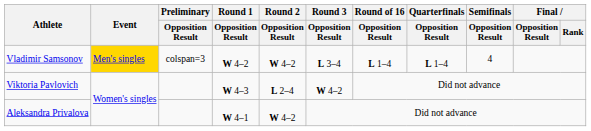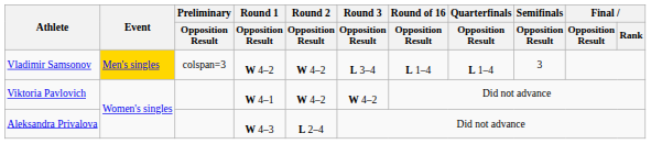 <table class="wikitable" style="font-size:90%;">
 <tr>
 <th rowspan=2>Athlete</th>
 <th rowspan=2>Event</th>
 <th>Preliminary</th>
 <th>Round 1</th>
 <th>Round 2</th>
 <th>Round 3</th>
 <th>Round of 16</th>
 <th>Quarterfinals</th>
 <th>Semifinals</th>
 <th colspan=2>Final / </th>
 </tr>
 <tr style="font-size:95%">
 <th>Opposition<br>Result</th>
 <th>Opposition<br>Result</th>
 <th>Opposition<br>Result</th>
 <th>Opposition<br>Result</th>
 <th>Opposition<br>Result</th>
 <th>Opposition<br>Result</th>
 <th>Opposition<br>Result</th>
 <th>Opposition<br>Result</th>
 <th>Rank</th>
 </tr>
 <tr align=center>
 <td align=left><a href='#'>Vladimir Samsonov</a></td>
 <td align=left style="background: gold;"><a href='#'>Men's singles</a></td>
 <td>colspan=3 </td>
 <td><br><strong>W</strong> 4–2</td>
 <td><br><strong>W</strong> 4–2</td>
 <td><br><strong>L</strong> 3–4</td>
 <td><br><strong>L</strong> 1–4</td>
 <td><br><strong>L</strong> 1–4</td>
-<td>4</td>
+<td>3</td>
 </tr>
 <tr align=center>
 <td align=left><a href='#'>Viktoria Pavlovich</a></td>
 <td align=left rowspan=2><a href='#'>Women's singles</a></td>
 <td></td>
-<td><br><strong>W</strong> 4–3</td>
-<td><br><strong>L</strong> 2–4</td>
+<td><br><strong>W</strong> 4–1</td>
+<td><br><strong>W</strong> 4–2</td>
 <td><br><strong>W</strong> 4–2</td>
 <td colspan=5>Did not advance</td>
 </tr>
 <tr align=center>
 <td align=left><a href='#'>Aleksandra Privalova</a></td>
 <td></td>
-<td><br><strong>W</strong> 4–1</td>
-<td><br><strong>W</strong> 4–2</td>
+<td><br><strong>W</strong> 4–3</td>
+<td><br><strong>L</strong> 2–4</td>
 <td colspan=6>Did not advance</td>
 </tr>
 </table>
